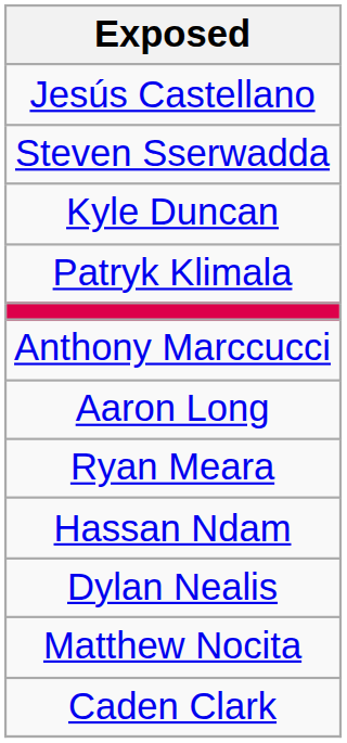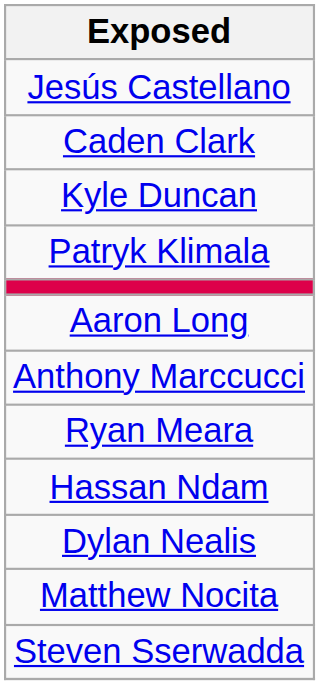 <table class="wikitable" style="text-align:center">
 <tr>
 <th>Exposed</th>
 </tr>
 <tr>
 <td><a href='#'>Jesús Castellano</a></td>
 </tr>
 <tr>
-<td><a href='#'>Steven Sserwadda</a></td>
+<td><a href='#'>Caden Clark</a></td>
 </tr>
 <tr>
 <td><a href='#'>Kyle Duncan</a></td>
 </tr>
 <tr>
 <td><a href='#'>Patryk Klimala</a></td>
 </tr>
 <tr>
 <td style="background: #DD004A"></td>
 </tr>
 <tr>
-<td><a href='#'>Anthony Marccucci</a></td>
+<td><a href='#'>Aaron Long</a></td>
 </tr>
 <tr>
-<td><a href='#'>Aaron Long</a></td>
+<td><a href='#'>Anthony Marccucci</a></td>
 </tr>
 <tr>
 <td><a href='#'>Ryan Meara</a></td>
 </tr>
 <tr>
 <td><a href='#'>Hassan Ndam</a></td>
 </tr>
 <tr>
 <td><a href='#'>Dylan Nealis</a></td>
 </tr>
 <tr>
 <td><a href='#'>Matthew Nocita</a></td>
 </tr>
 <tr>
-<td><a href='#'>Caden Clark</a></td>
+<td><a href='#'>Steven Sserwadda</a></td>
 </tr>
 <tr>
 </tr>
 </table>
